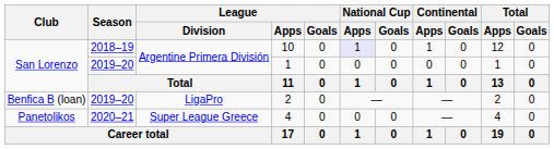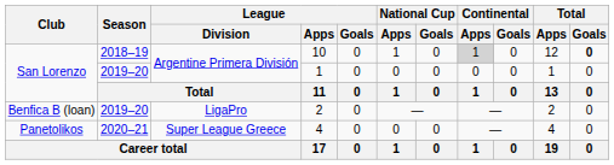 <table class="wikitable" style="text-align:center">
 <tr>
 <th rowspan="2">Club</th>
 <th rowspan="2">Season</th>
 <th colspan="3">League</th>
 <th colspan="2">National Cup</th>
 <th colspan="2">Continental</th>
 <th colspan="2">Total</th>
 </tr>
 <tr>
 <th>Division</th>
 <th>Apps</th>
 <th>Goals</th>
 <th>Apps</th>
 <th>Goals</th>
 <th>Apps</th>
 <th>Goals</th>
 <th>Apps</th>
 <th>Goals</th>
 </tr>
 <tr>
 <td rowspan="3"><a href='#'>San Lorenzo</a></td>
 <td><a href='#'>2018–19</a></td>
 <td rowspan="2"><a href='#'>Argentine Primera División</a></td>
 <td>10</td>
 <td>0</td>
-<td style="background: lavender;">1</td>
-<td>0</td>
 <td>1</td>
 <td>0</td>
+<td style="background: lightgrey;">1</td>
+<td>0</td>
 <td>12</td>
-<td>0</td>
+<td><strong>0</strong></td>
 </tr>
 <tr>
 <td><a href='#'>2019–20</a></td>
 <td>1</td>
 <td>0</td>
 <td>0</td>
 <td>0</td>
 <td>0</td>
 <td>0</td>
 <td>1</td>
 <td>0</td>
 </tr>
 <tr>
 <th colspan="2">Total</th>
 <th>11</th>
 <th>0</th>
 <th>1</th>
 <th>0</th>
 <th>1</th>
 <th>0</th>
 <th>13</th>
 <th>0</th>
 </tr>
 <tr>
 <td><a href='#'>Benfica B</a> (loan)</td>
 <td><a href='#'>2019–20</a></td>
 <td><a href='#'>LigaPro</a></td>
 <td>2</td>
 <td>0</td>
 <td colspan="2">—</td>
 <td colspan="2">—</td>
 <td>2</td>
 <td>0</td>
 </tr>
 <tr>
 <td><a href='#'>Panetolikos</a></td>
 <td><a href='#'>2020–21</a></td>
 <td><a href='#'>Super League Greece</a></td>
 <td>4</td>
 <td>0</td>
 <td>0</td>
 <td>0</td>
 <td colspan="2">—</td>
 <td>4</td>
 <td>0</td>
 </tr>
 <tr>
 <th colspan="3">Career total</th>
 <th>17</th>
 <th>0</th>
 <th>1</th>
 <th>0</th>
 <th>1</th>
 <th>0</th>
 <th>19</th>
 <th>0</th>
 </tr>
 </table>
